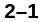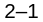 <table style="text-align:center">
 <tr>
 <th width=200></th>
 <th width=100></th>
 <th width=200></th>
 </tr>
 <tr>
 <td align=right></td>
-<td><strong>2–1</strong></td>
+<td>2–1</td>
 <td align=left></td>
 </tr>
 <tr>
 </tr>
 </table>
